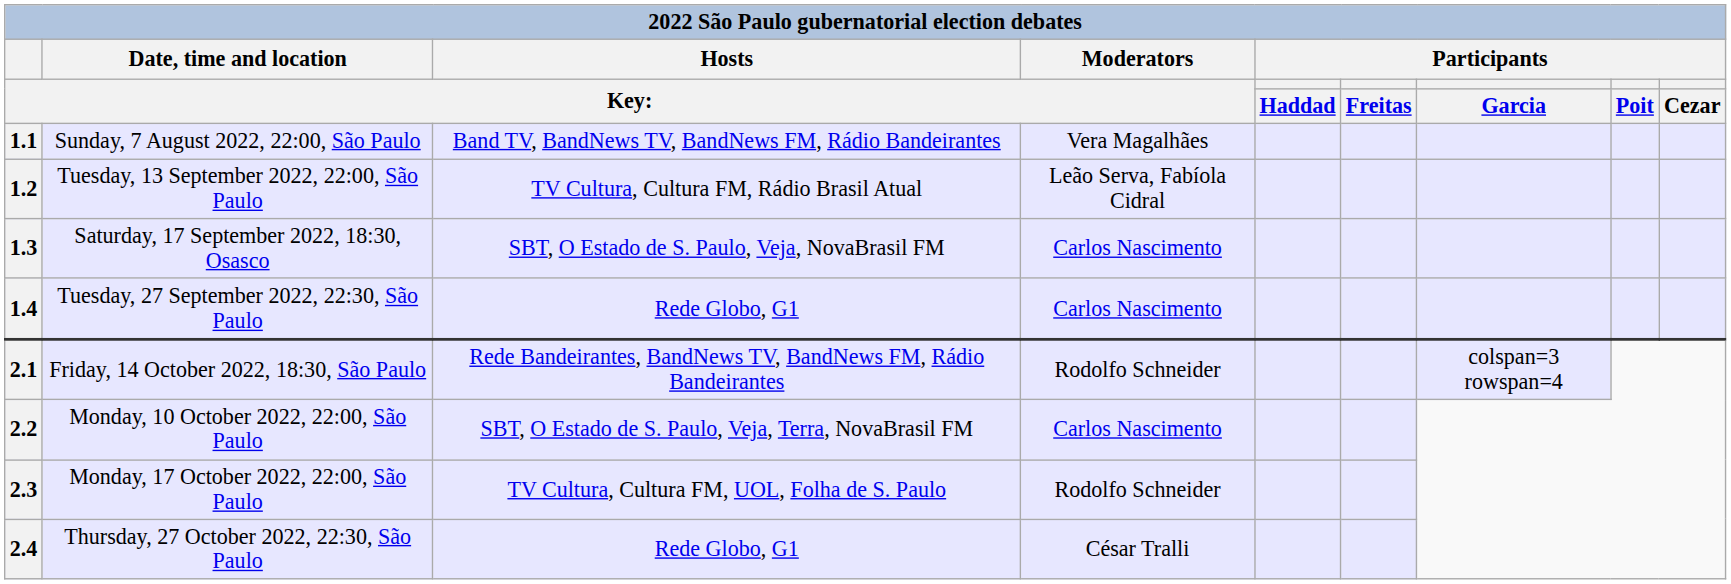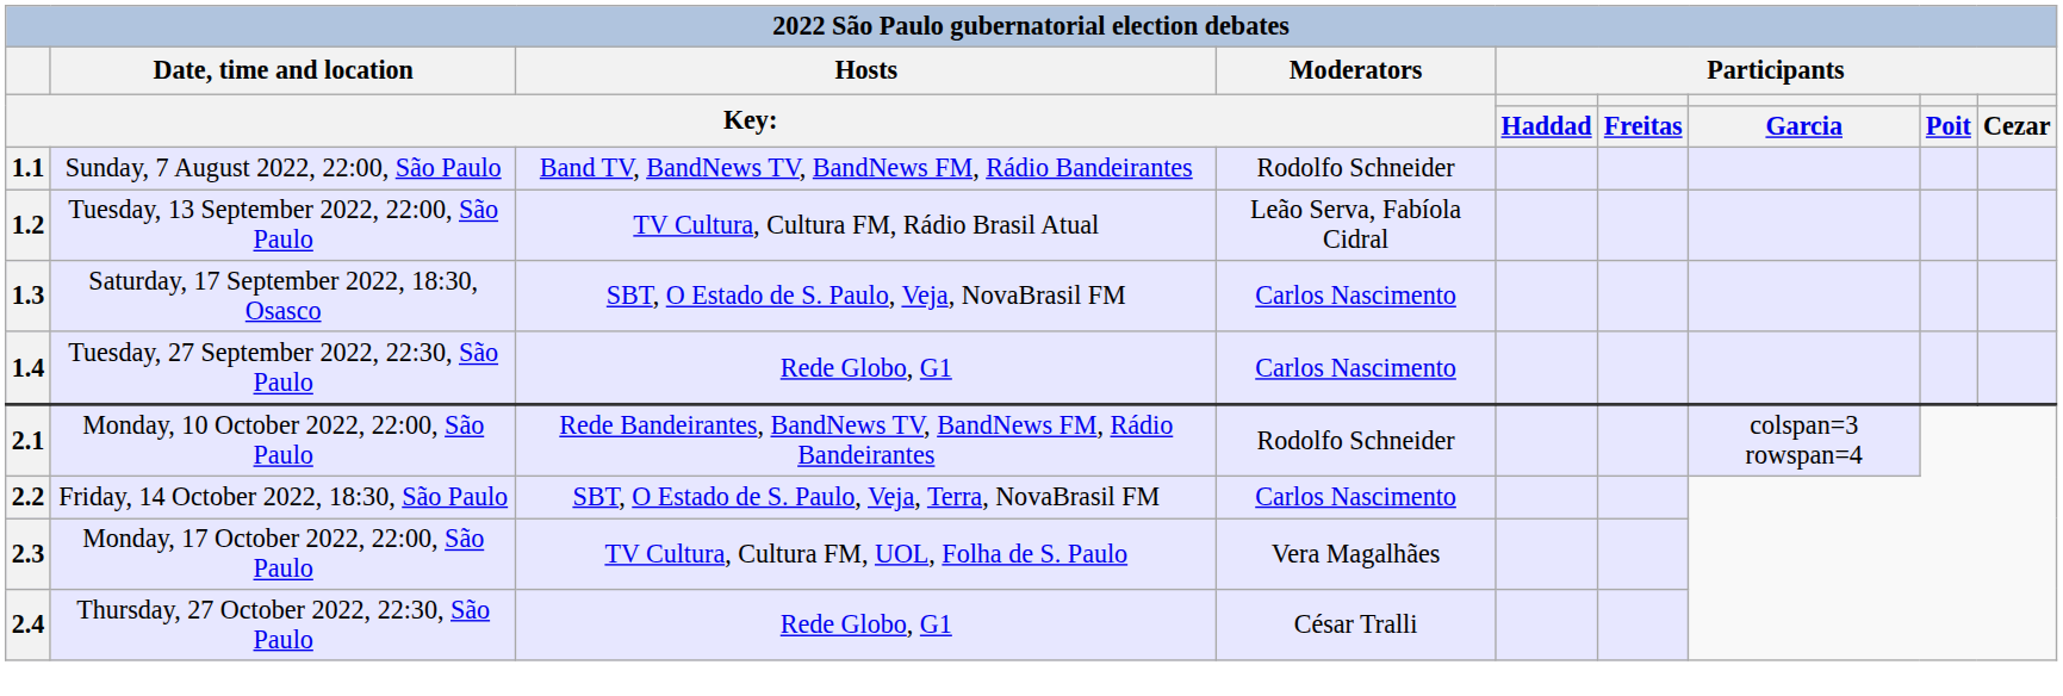 <table class="plainrowheaders wikitable" style=text-align:center>
 <tr>
 <th colspan=9 style=background:#B0C4DE>2022 São Paulo gubernatorial election debates</th>
 </tr>
 <tr style=line-height:1.3>
 <th></th>
 <th>Date, time and location</th>
 <th>Hosts</th>
 <th>Moderators</th>
 <th colspan=5 scope=col>Participants</th>
 </tr>
 <tr>
 <th colspan=4 rowspan=2>Key:<br></th>
 <th scope=col style=background:><small><a href='#'></a></small></th>
 <th scope=col style=background:><small> <a href='#'></a></small></th>
 <th scope=col style=background:><small><a href='#'></a></small></th>
 <th scope=col style=background:><small> <a href='#'></a></small></th>
 <th scope=col style=background:><small> <a href='#'></a></small></th>
 </tr>
 <tr>
 <th><a href='#'>Haddad</a></th>
 <th><a href='#'>Freitas</a></th>
 <th><a href='#'>Garcia</a></th>
 <th><a href='#'>Poit</a></th>
 <th>Cezar</th>
 </tr>
 <tr style=background:#e7e7ff>
 <th scope=row style=text-align:center>1.1</th>
 <td>Sunday, 7 August 2022, 22:00, <a href='#'>São Paulo</a></td>
 <td><a href='#'>Band TV</a>, <a href='#'>BandNews TV</a>, <a href='#'>BandNews FM</a>, <a href='#'>Rádio Bandeirantes</a></td>
-<td>Vera Magalhães</td>
+<td>Rodolfo Schneider</td>
 <td></td>
 <td></td>
 <td></td>
 <td></td>
 <td></td>
 </tr>
 <tr style=background:#e7e7ff>
 <th scope=row style=text-align:center>1.2</th>
 <td>Tuesday, 13 September 2022, 22:00, <a href='#'>São Paulo</a></td>
 <td><a href='#'>TV Cultura</a>, Cultura FM, Rádio Brasil Atual</td>
 <td>Leão Serva, Fabíola Cidral</td>
 <td></td>
 <td></td>
 <td></td>
 <td></td>
 <td></td>
 </tr>
 <tr style=background:#e7e7ff>
 <th scope=row style=text-align:center>1.3</th>
 <td>Saturday, 17 September 2022, 18:30, <a href='#'>Osasco</a></td>
 <td><a href='#'>SBT</a>, <a href='#'>O Estado de S. Paulo</a>, <a href='#'>Veja</a>, NovaBrasil FM</td>
 <td><a href='#'>Carlos Nascimento</a></td>
 <td></td>
 <td></td>
 <td></td>
 <td></td>
 <td></td>
 </tr>
 <tr style=background:#e7e7ff>
 <th scope=row style=text-align:center>1.4</th>
 <td>Tuesday, 27 September 2022, 22:30, <a href='#'>São Paulo</a></td>
 <td><a href='#'>Rede Globo</a>, <a href='#'>G1</a></td>
 <td><a href='#'>Carlos Nascimento</a></td>
 <td></td>
 <td></td>
 <td></td>
 <td></td>
 <td></td>
 </tr>
 <tr style="background:#e7e7ff; border-top: 2px solid #333333">
 <th scope=row style=text-align:center>2.1</th>
-<td>Friday, 14 October 2022, 18:30, <a href='#'>São Paulo</a></td>
+<td>Monday, 10 October 2022, 22:00, <a href='#'>São Paulo</a></td>
 <td><a href='#'>Rede Bandeirantes</a>, <a href='#'>BandNews TV</a>, <a href='#'>BandNews FM</a>, <a href='#'>Rádio Bandeirantes</a></td>
 <td>Rodolfo Schneider</td>
 <td></td>
 <td></td>
 <td>colspan=3 rowspan=4 </td>
 </tr>
 <tr style="background:#e7e7ff">
 <th scope=row style=text-align:center>2.2</th>
-<td>Monday, 10 October 2022, 22:00, <a href='#'>São Paulo</a></td>
+<td>Friday, 14 October 2022, 18:30, <a href='#'>São Paulo</a></td>
 <td><a href='#'>SBT</a>, <a href='#'>O Estado de S. Paulo</a>, <a href='#'>Veja</a>, <a href='#'>Terra</a>, NovaBrasil FM</td>
 <td><a href='#'>Carlos Nascimento</a></td>
 <td></td>
 <td></td>
 </tr>
 <tr style="background:#e7e7ff">
 <th scope=row style=text-align:center>2.3</th>
 <td>Monday, 17 October 2022, 22:00, <a href='#'>São Paulo</a></td>
 <td><a href='#'>TV Cultura</a>, Cultura FM, <a href='#'>UOL</a>, <a href='#'>Folha de S. Paulo</a></td>
-<td>Rodolfo Schneider</td>
+<td>Vera Magalhães</td>
 <td></td>
 <td></td>
 </tr>
 <tr style="background:#e7e7ff">
 <th scope=row style=text-align:center>2.4</th>
 <td>Thursday, 27 October 2022, 22:30, <a href='#'>São Paulo</a></td>
 <td><a href='#'>Rede Globo</a>, <a href='#'>G1</a></td>
 <td>César Tralli</td>
 <td></td>
 <td></td>
 </tr>
 </table>
